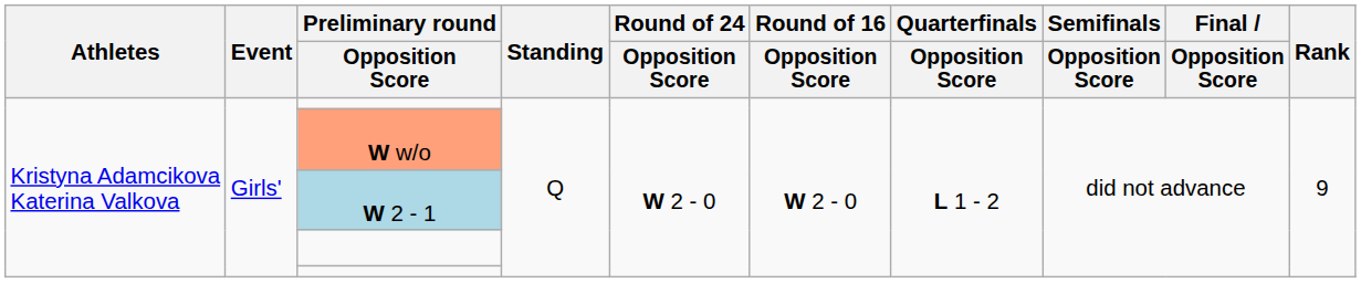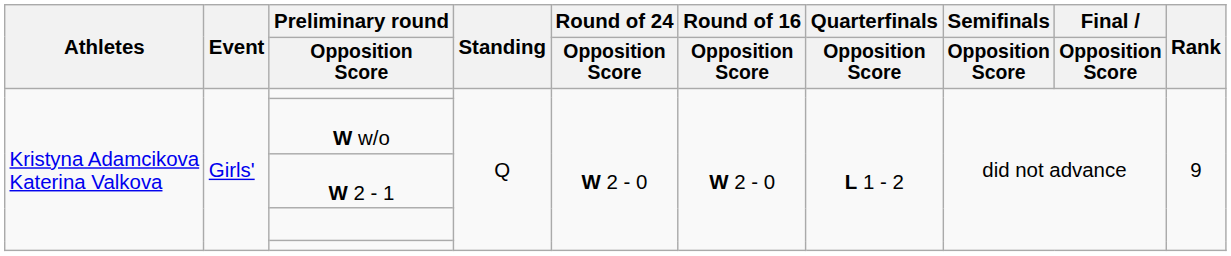 <table class=wikitable style="font-size:90%">
 <tr>
 <th rowspan="2">Athletes</th>
 <th rowspan="2">Event</th>
 <th>Preliminary round</th>
 <th rowspan="2">Standing</th>
 <th>Round of 24</th>
 <th>Round of 16</th>
 <th>Quarterfinals</th>
 <th>Semifinals</th>
 <th>Final / </th>
 <th rowspan=2>Rank</th>
 </tr>
 <tr style="font-size:95%">
 <th>Opposition<br>Score</th>
 <th>Opposition<br>Score</th>
 <th>Opposition<br>Score</th>
 <th>Opposition<br>Score</th>
 <th>Opposition<br>Score</th>
 <th>Opposition<br>Score</th>
 </tr>
 <tr align=center>
 <td align=left rowspan=5><a href='#'>Kristyna Adamcikova</a><br><a href='#'>Katerina Valkova</a></td>
 <td align=left rowspan=5><a href='#'>Girls'</a></td>
 <td></td>
 <td rowspan=5>Q</td>
 <td rowspan=5><br><strong>W</strong> 2 - 0</td>
 <td rowspan=5><br><strong>W</strong> 2 - 0</td>
 <td rowspan=5><br><strong>L</strong> 1 - 2</td>
 <td rowspan=5 colspan=2>did not advance</td>
 <td rowspan=5>9</td>
 </tr>
 <tr align=center>
-<td style="background: lightsalmon;"><br><strong>W</strong> w/o</td>
+<td><br><strong>W</strong> w/o</td>
 </tr>
 <tr align=center>
-<td style="background: lightblue;"><br><strong>W</strong> 2 - 1</td>
+<td><br><strong>W</strong> 2 - 1</td>
 </tr>
 <tr align=center>
 <td><br></td>
 </tr>
 <tr align=center>
 <td></td>
 </tr>
 </table>
